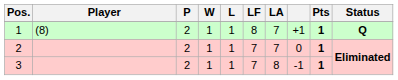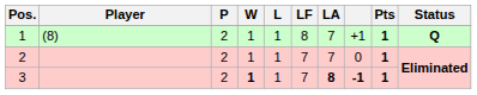 <table class="wikitable" style="text-align:center; margin: 1em auto 1em auto, align:left">
 <tr>
 <th width=25>Pos.</th>
 <th width=200>Player</th>
 <th width=25>P</th>
 <th width=25>W</th>
 <th width=25>L</th>
 <th width=25>LF</th>
 <th width=25>LA</th>
 <th width=25></th>
 <th width=25>Pts</th>
 <th width=75>Status</th>
 </tr>
 <tr>
 </tr>
 <tr style="background:#CCFFCC;">
 <td>1</td>
 <td align=left> (8)</td>
 <td>2</td>
 <td>1</td>
 <td>1</td>
 <td>8</td>
 <td>7</td>
 <td>+1</td>
 <td><strong>1</strong></td>
 <td><strong>Q</strong></td>
 </tr>
 <tr style="background:#FFCCCC;">
 <td>2</td>
 <td align=left></td>
 <td>2</td>
 <td>1</td>
 <td>1</td>
 <td>7</td>
 <td>7</td>
 <td>0</td>
 <td><strong>1</strong></td>
 <td rowspan=2><strong>Eliminated</strong></td>
 </tr>
 <tr style="background:#FFCCCC;">
 <td>3</td>
 <td align=left></td>
 <td>2</td>
-<td>1</td>
+<td><strong>1</strong></td>
 <td>1</td>
 <td>7</td>
-<td>8</td>
-<td>-1</td>
+<td><strong>8</strong></td>
+<td><strong>-1</strong></td>
 <td><strong>1</strong></td>
 </tr>
 </table>
